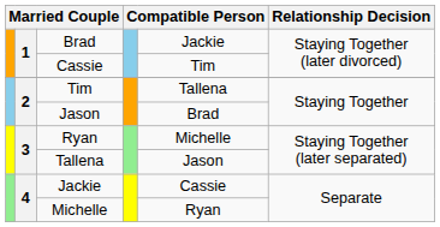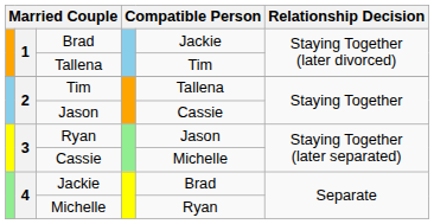 <table class="wikitable plainrowheaders" style="text-align:center">
 <tr>
 <th colspan="3">Married Couple</th>
 <th colspan="2">Compatible Person</th>
 <th>Relationship Decision</th>
 </tr>
 <tr Tallena and Brad>
 <th rowspan="2" style="background:orange; color:black;"></th>
 <th rowspan="2">1</th>
 <td>Brad</td>
 <td rowspan="2" style="background:skyblue; color:black;"></td>
 <td>Jackie</td>
 <td rowspan="2">Staying Together<br>(later divorced)</td>
 </tr>
 <tr>
-<td>Cassie</td>
+<td>Tallena</td>
 <td>Tim</td>
 </tr>
 <tr>
 </tr>
 <tr Tim and Jackie>
 <th rowspan="2" style="background:skyblue; color:black;"></th>
 <th rowspan="2">2</th>
 <td>Tim</td>
 <td rowspan="2" style="background:orange; color:black;"></td>
 <td>Tallena</td>
 <td rowspan="2">Staying Together</td>
 </tr>
 <tr>
 <td>Jason</td>
-<td>Brad</td>
+<td>Cassie</td>
 </tr>
 <tr>
 <th rowspan="2" style="background:yellow; color:black;"></th>
 <th rowspan="2">3</th>
 <td>Ryan</td>
 <td rowspan="2" style="background:lightgreen; color:black;"></td>
-<td>Michelle</td>
+<td>Jason</td>
 <td rowspan="2">Staying Together<br>(later separated)</td>
 </tr>
 <tr>
-<td>Tallena</td>
-<td>Jason</td>
+<td>Cassie</td>
+<td>Michelle</td>
 </tr>
 <tr>
 <th rowspan="2" style="background:lightgreen; color:black;"></th>
 <th rowspan="2">4</th>
 <td>Jackie</td>
 <td rowspan="2" style="background:yellow; color:black;"></td>
-<td>Cassie</td>
+<td>Brad</td>
 <td rowspan="2">Separate</td>
 </tr>
 <tr>
 <td>Michelle</td>
 <td>Ryan</td>
 </tr>
 </table>
